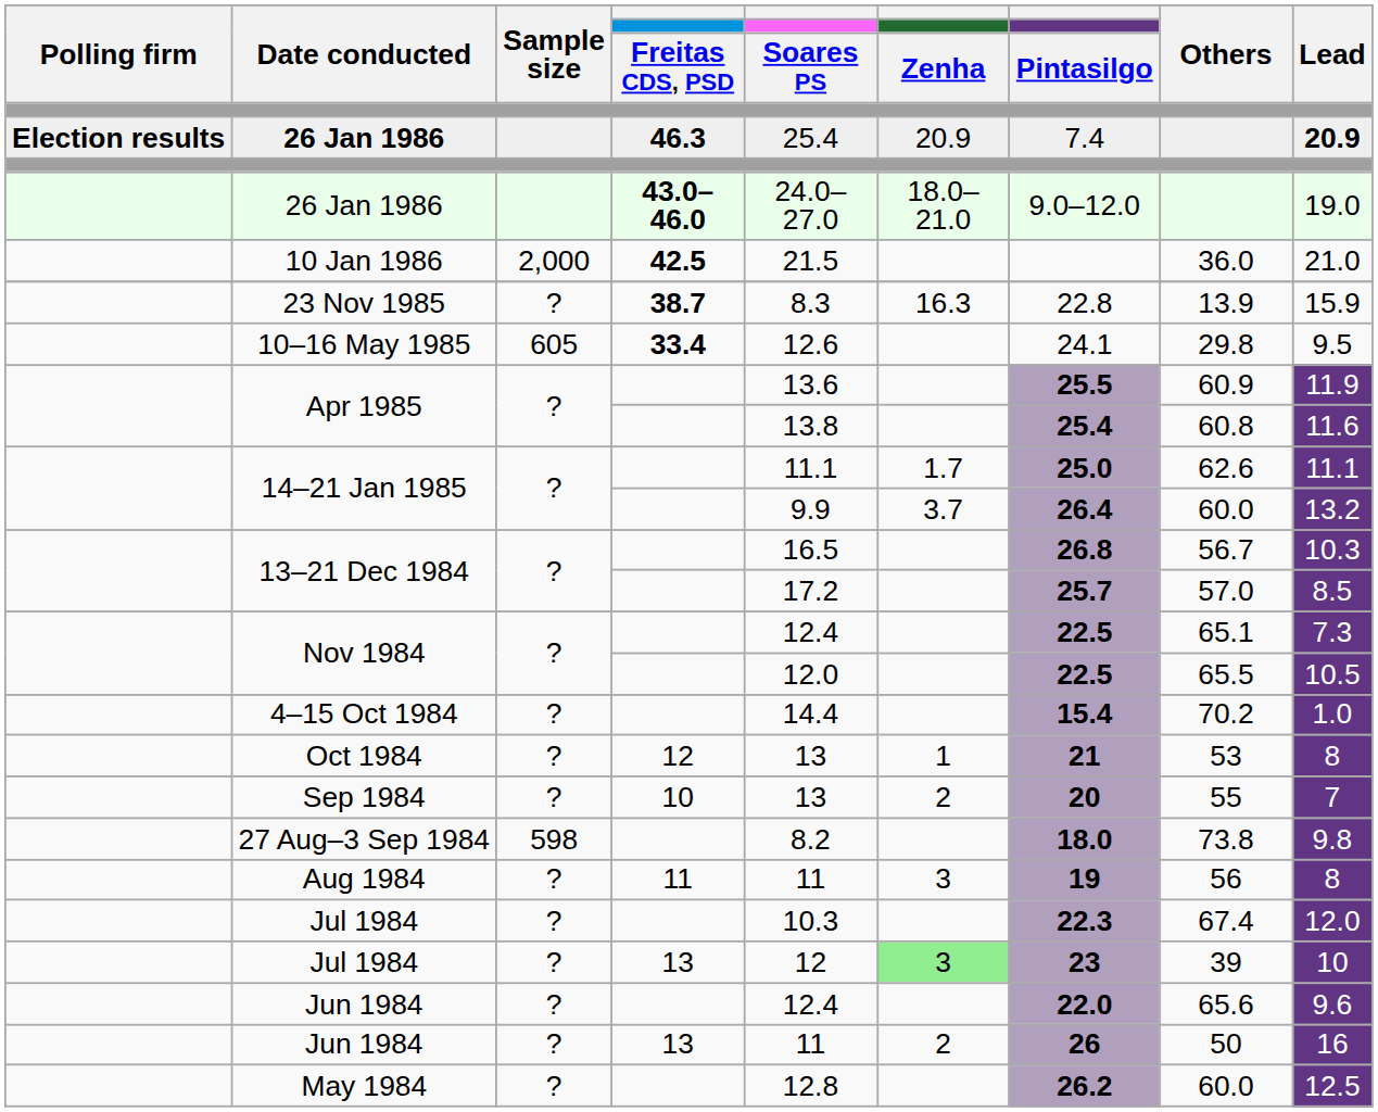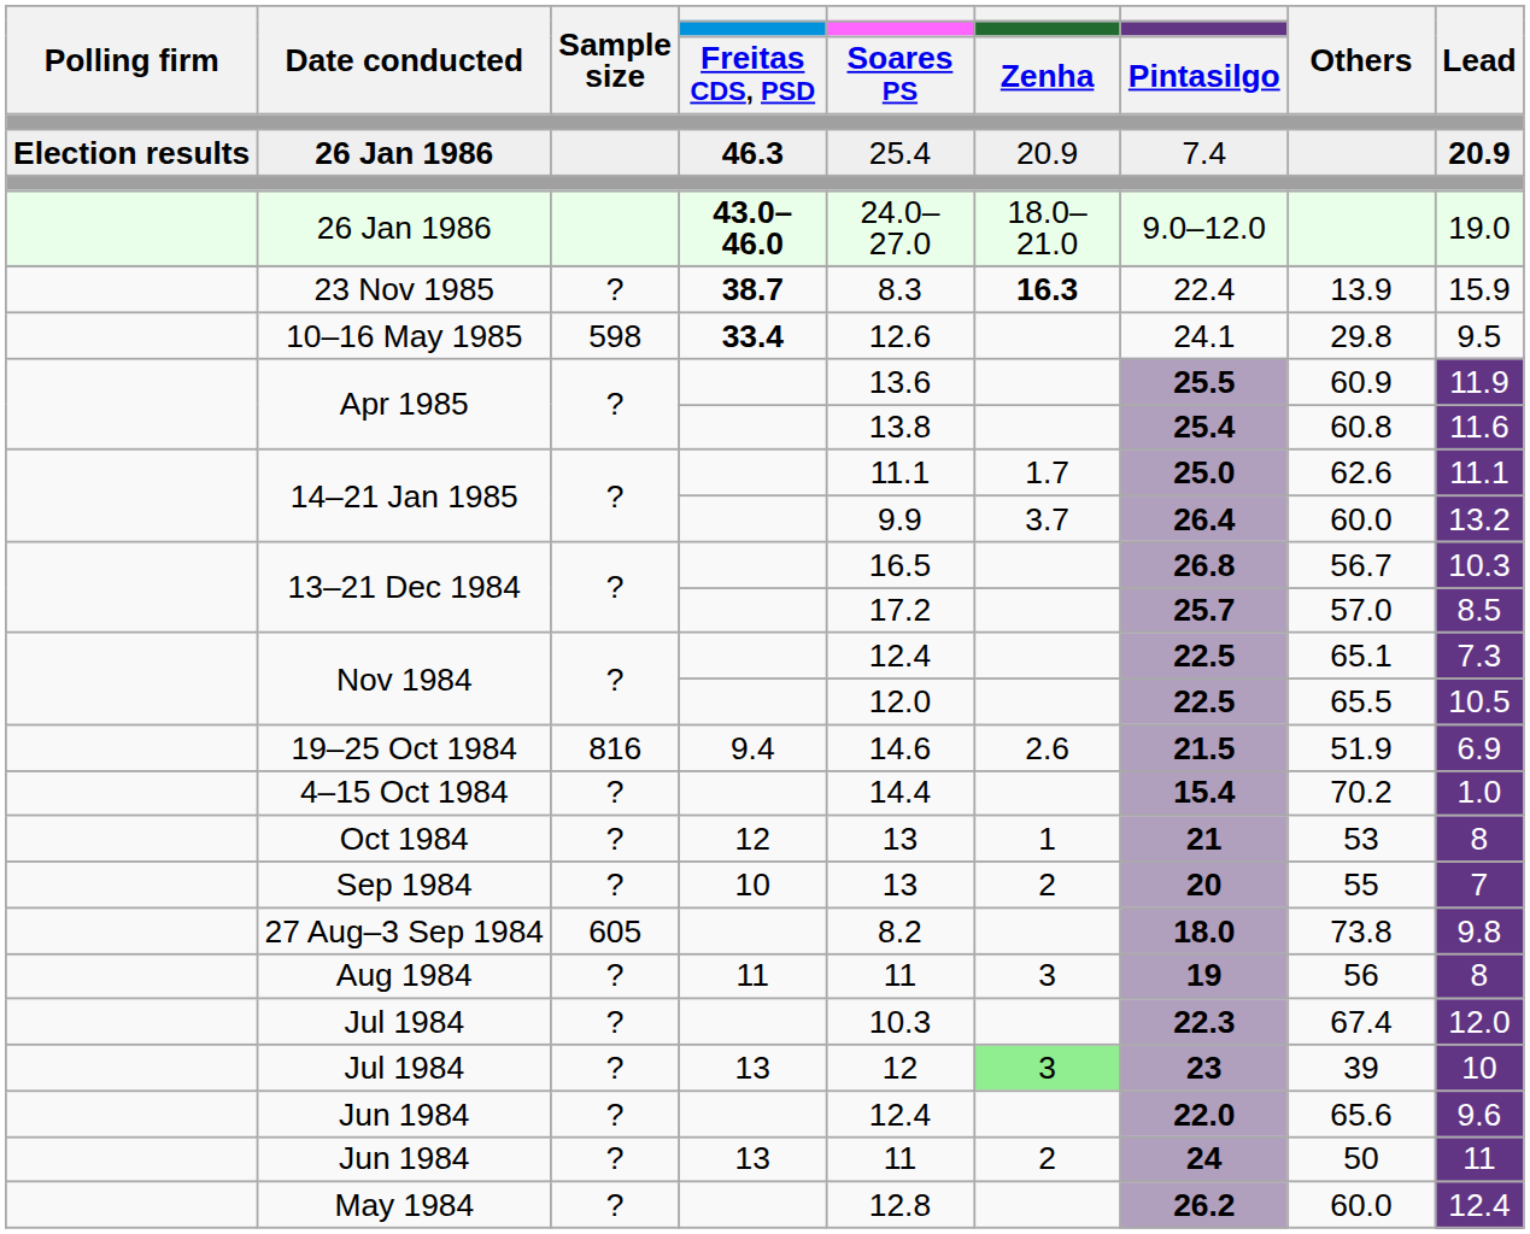 <table class="wikitable unsortable" style="text-align:center;font-size:90%;line-height:14px;">
 <tr>
 <th rowspan="3">Polling firm</th>
 <th rowspan="3">Date conducted</th>
 <th rowspan="3">Sample<br>size</th>
 <th width=60px></th>
 <th width=60px></th>
 <th width=60px></th>
 <th width=60px></th>
 <th rowspan=3 width=60px>Others</th>
 <th rowspan=3 width=25px>Lead</th>
 </tr>
 <tr>
 <td bgcolor=#0093DD></td>
 <td bgcolor=#FF66FF></td>
 <td bgcolor=#216B31></td>
 <td bgcolor=#613484></td>
 </tr>
 <tr>
 <th><a href='#'>Freitas</a><br><small><a href='#'>CDS</a>, <a href='#'>PSD</a></small></th>
 <th><a href='#'>Soares</a><br><small><a href='#'>PS</a></small></th>
 <th><a href='#'>Zenha</a></th>
 <th><a href='#'>Pintasilgo</a></th>
 </tr>
 <tr>
 <td colspan="9" style="background:#A0A0A0"></td>
 </tr>
 <tr style="background:#EFEFEF;">
 <td><strong>Election results</strong></td>
 <td><strong>26 Jan 1986</strong></td>
 <td></td>
 <td><strong>46.3</strong></td>
 <td>25.4</td>
 <td>20.9</td>
 <td>7.4</td>
 <td></td>
 <td style="background:"><strong>20.9</strong></td>
 </tr>
 <tr>
 <td colspan="9" style="background:#A0A0A0"></td>
 </tr>
 <tr style="background:#EAFFEA">
 <td></td>
 <td>26 Jan 1986</td>
 <td></td>
 <td><strong>43.0–46.0</strong></td>
 <td>24.0–27.0</td>
 <td>18.0–21.0</td>
 <td>9.0–12.0</td>
 <td></td>
 <td style="background:">19.0</td>
 </tr>
 <tr>
-<td></td>
-<td>10 Jan 1986</td>
-<td>2,000</td>
-<td><strong>42.5</strong></td>
-<td>21.5</td>
-<td></td>
-<td></td>
-<td>36.0</td>
-<td style="background:">21.0</td>
-</tr>
-<tr>
 </tr>
 <tr>
 <td></td>
 <td>23 Nov 1985</td>
 <td>?</td>
 <td><strong>38.7</strong></td>
 <td>8.3</td>
-<td>16.3</td>
-<td>22.8</td>
+<td><strong>16.3</strong></td>
+<td>22.4</td>
 <td>13.9</td>
 <td style="background:">15.9</td>
 </tr>
 <tr>
 <td></td>
 <td>10–16 May 1985</td>
-<td>605</td>
+<td>598</td>
 <td><strong>33.4</strong></td>
 <td>12.6</td>
 <td></td>
 <td>24.1</td>
 <td>29.8</td>
 <td style="background:">9.5</td>
 </tr>
 <tr>
 <td rowspan="2"></td>
 <td rowspan="2">Apr 1985</td>
 <td rowspan="2">?</td>
 <td></td>
 <td>13.6</td>
 <td></td>
 <td style="background:#b09fbd;"><strong>25.5</strong></td>
 <td>60.9</td>
 <td style="background:#613484; color:white;">11.9</td>
 </tr>
 <tr>
 <td></td>
 <td>13.8</td>
 <td></td>
 <td style="background:#b09fbd;"><strong>25.4</strong></td>
 <td>60.8</td>
 <td style="background:#613484; color:white;">11.6</td>
 </tr>
 <tr>
 <td rowspan="2"></td>
 <td rowspan="2">14–21 Jan 1985</td>
 <td rowspan="2">?</td>
 <td></td>
 <td>11.1</td>
 <td>1.7</td>
 <td style="background:#b09fbd;"><strong>25.0</strong></td>
 <td>62.6</td>
 <td style="background:#613484; color:white;">11.1</td>
 </tr>
 <tr>
 <td></td>
 <td>9.9</td>
 <td>3.7</td>
 <td style="background:#b09fbd;"><strong>26.4</strong></td>
 <td>60.0</td>
 <td style="background:#613484; color:white;">13.2</td>
 </tr>
 <tr>
 <td rowspan="2"></td>
 <td rowspan="2">13–21 Dec 1984</td>
 <td rowspan="2">?</td>
 <td></td>
 <td>16.5</td>
 <td></td>
 <td style="background:#b09fbd;"><strong>26.8</strong></td>
 <td>56.7</td>
 <td style="background:#613484; color:white;">10.3</td>
 </tr>
 <tr>
 <td></td>
 <td>17.2</td>
 <td></td>
 <td style="background:#b09fbd;"><strong>25.7</strong></td>
 <td>57.0</td>
 <td style="background:#613484; color:white;">8.5</td>
 </tr>
 <tr>
 <td rowspan="2"></td>
 <td rowspan="2">Nov 1984</td>
 <td rowspan="2">?</td>
 <td></td>
 <td>12.4</td>
 <td></td>
 <td style="background:#b09fbd;"><strong>22.5</strong></td>
 <td>65.1</td>
 <td style="background:#613484; color:white;">7.3</td>
 </tr>
 <tr>
 <td></td>
 <td>12.0</td>
 <td></td>
 <td style="background:#b09fbd;"><strong>22.5</strong></td>
 <td>65.5</td>
 <td style="background:#613484; color:white;">10.5</td>
 </tr>
 <tr>
 <td></td>
+<td>19–25 Oct 1984</td>
+<td>816</td>
+<td>9.4</td>
+<td>14.6</td>
+<td>2.6</td>
+<td style="background:#b09fbd;"><strong>21.5</strong></td>
+<td>51.9</td>
+<td style="background:#613484; color:white;">6.9</td>
+</tr>
+<tr>
+<td></td>
 <td>4–15 Oct 1984</td>
 <td>?</td>
 <td></td>
 <td>14.4</td>
 <td></td>
 <td style="background:#b09fbd;"><strong>15.4</strong></td>
 <td>70.2</td>
 <td style="background:#613484; color:white;">1.0</td>
 </tr>
 <tr>
 <td></td>
 <td>Oct 1984</td>
 <td>?</td>
 <td>12</td>
 <td>13</td>
 <td>1</td>
 <td style="background:#b09fbd;"><strong>21</strong></td>
 <td>53</td>
 <td style="background:#613484; color:white;">8</td>
 </tr>
 <tr>
 <td></td>
 <td>Sep 1984</td>
 <td>?</td>
 <td>10</td>
 <td>13</td>
 <td>2</td>
 <td style="background:#b09fbd;"><strong>20</strong></td>
 <td>55</td>
 <td style="background:#613484; color:white;">7</td>
 </tr>
 <tr>
 <td></td>
 <td>27 Aug–3 Sep 1984</td>
-<td>598</td>
+<td>605</td>
 <td></td>
 <td>8.2</td>
 <td></td>
 <td style="background:#b09fbd;"><strong>18.0</strong></td>
 <td>73.8</td>
 <td style="background:#613484; color:white;">9.8</td>
 </tr>
 <tr>
 <td></td>
 <td>Aug 1984</td>
 <td>?</td>
 <td>11</td>
 <td>11</td>
 <td>3</td>
 <td style="background:#b09fbd;"><strong>19</strong></td>
 <td>56</td>
 <td style="background:#613484; color:white;">8</td>
 </tr>
 <tr>
 <td></td>
 <td>Jul 1984</td>
 <td>?</td>
 <td></td>
 <td>10.3</td>
 <td></td>
 <td style="background:#b09fbd;"><strong>22.3</strong></td>
 <td>67.4</td>
 <td style="background:#613484; color:white;">12.0</td>
 </tr>
 <tr>
 <td></td>
 <td>Jul 1984</td>
 <td>?</td>
 <td>13</td>
 <td>12</td>
 <td style="background: lightgreen;">3</td>
 <td style="background:#b09fbd;"><strong>23</strong></td>
 <td>39</td>
 <td style="background:#613484; color:white;">10</td>
 </tr>
 <tr>
 <td></td>
 <td>Jun 1984</td>
 <td>?</td>
 <td></td>
 <td>12.4</td>
 <td></td>
 <td style="background:#b09fbd;"><strong>22.0</strong></td>
 <td>65.6</td>
 <td style="background:#613484; color:white;">9.6</td>
 </tr>
 <tr>
 <td></td>
 <td>Jun 1984</td>
 <td>?</td>
 <td>13</td>
 <td>11</td>
 <td>2</td>
-<td style="background:#b09fbd;"><strong>26</strong></td>
+<td style="background:#b09fbd;"><strong>24</strong></td>
 <td>50</td>
-<td style="background:#613484; color:white;">16</td>
+<td style="background:#613484; color:white;">11</td>
 </tr>
 <tr>
 <td></td>
 <td>May 1984</td>
 <td>?</td>
 <td></td>
 <td>12.8</td>
 <td></td>
 <td style="background:#b09fbd;"><strong>26.2</strong></td>
 <td>60.0</td>
-<td style="background:#613484; color:white;">12.5</td>
+<td style="background:#613484; color:white;">12.4</td>
 </tr>
 </table>
